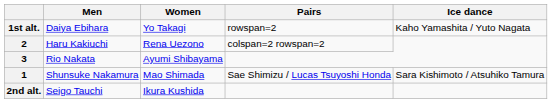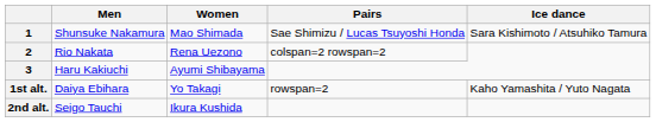 <table class="wikitable">
 <tr>
 <th></th>
 <th>Men</th>
 <th>Women</th>
 <th>Pairs</th>
 <th>Ice dance</th>
 </tr>
 <tr>
+<th>1</th>
+<td><a href='#'>Shunsuke Nakamura</a></td>
+<td><a href='#'>Mao Shimada</a></td>
+<td>Sae Shimizu / <a href='#'>Lucas Tsuyoshi Honda</a></td>
+<td>Sara Kishimoto / Atsuhiko Tamura</td>
+</tr>
+<tr>
+<th>2</th>
+<td><a href='#'>Rio Nakata</a></td>
+<td><a href='#'>Rena Uezono</a></td>
+<td>colspan=2 rowspan=2 </td>
+</tr>
+<tr>
+<th>3</th>
+<td><a href='#'>Haru Kakiuchi</a></td>
+<td><a href='#'>Ayumi Shibayama</a></td>
+</tr>
+<tr>
 <th>1st alt.</th>
 <td><a href='#'>Daiya Ebihara</a></td>
 <td><a href='#'>Yo Takagi</a></td>
 <td>rowspan=2 </td>
 <td>Kaho Yamashita / Yuto Nagata</td>
-</tr>
-<tr>
-<th>2</th>
-<td><a href='#'>Haru Kakiuchi</a></td>
-<td><a href='#'>Rena Uezono</a></td>
-<td>colspan=2 rowspan=2 </td>
-</tr>
-<tr>
-<th>3</th>
-<td><a href='#'>Rio Nakata</a></td>
-<td><a href='#'>Ayumi Shibayama</a></td>
-</tr>
-<tr>
-<th>1</th>
-<td><a href='#'>Shunsuke Nakamura</a></td>
-<td><a href='#'>Mao Shimada</a></td>
-<td>Sae Shimizu / <a href='#'>Lucas Tsuyoshi Honda</a></td>
-<td>Sara Kishimoto / Atsuhiko Tamura</td>
 </tr>
 <tr>
 <th>2nd alt.</th>
 <td><a href='#'>Seigo Tauchi</a></td>
 <td><a href='#'>Ikura Kushida</a></td>
 <td></td>
 </tr>
 </table>
